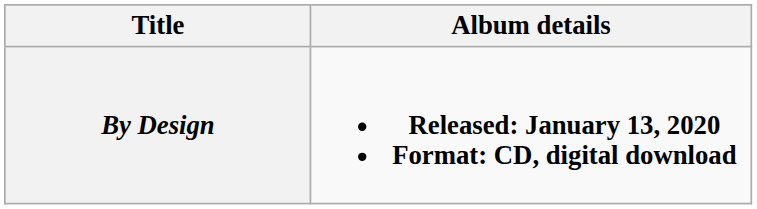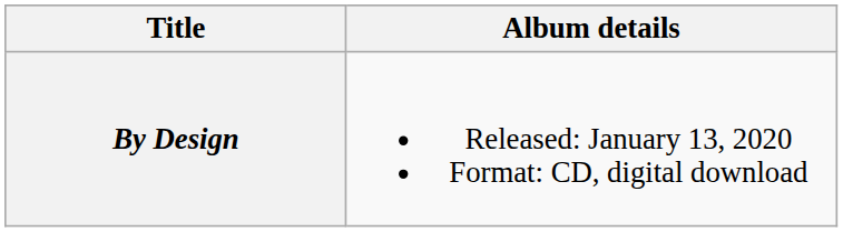 <table class="wikitable plainrowheaders" style="text-align:center;">
 <tr>
 <th scope="col" style="width:11em;">Title</th>
 <th scope="col" style="width:16em;">Album details</th>
 </tr>
 <tr>
 <th scope="row"><em>By Design</em></th>
-<td><strong><br><ul><li>Released: January 13, 2020</li><li>Format: CD, digital download</li></ul></strong></td>
+<td><br><ul><li>Released: January 13, 2020</li><li>Format: CD, digital download</li></ul></td>
 </tr>
 </table>
